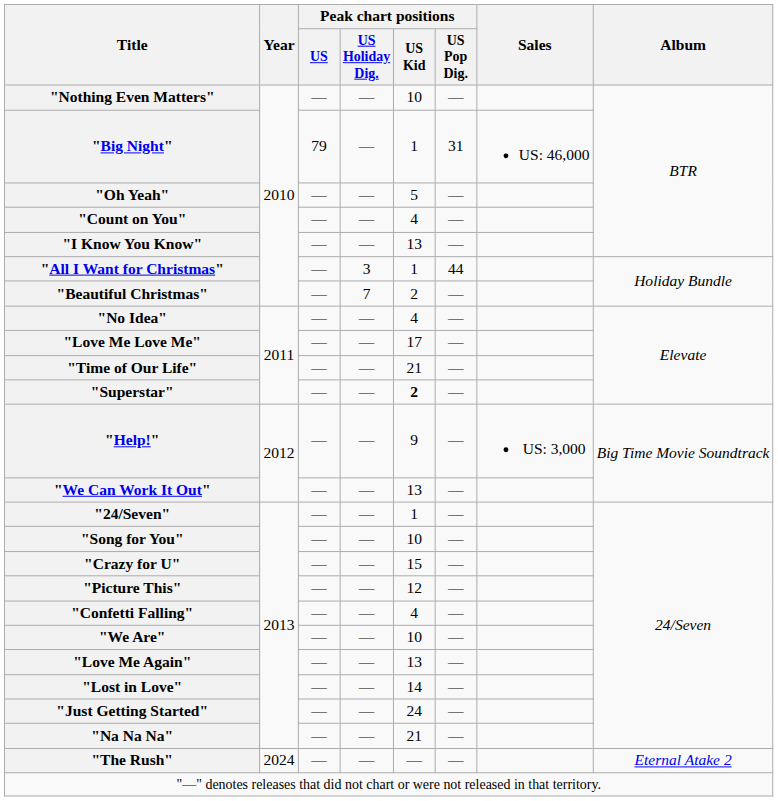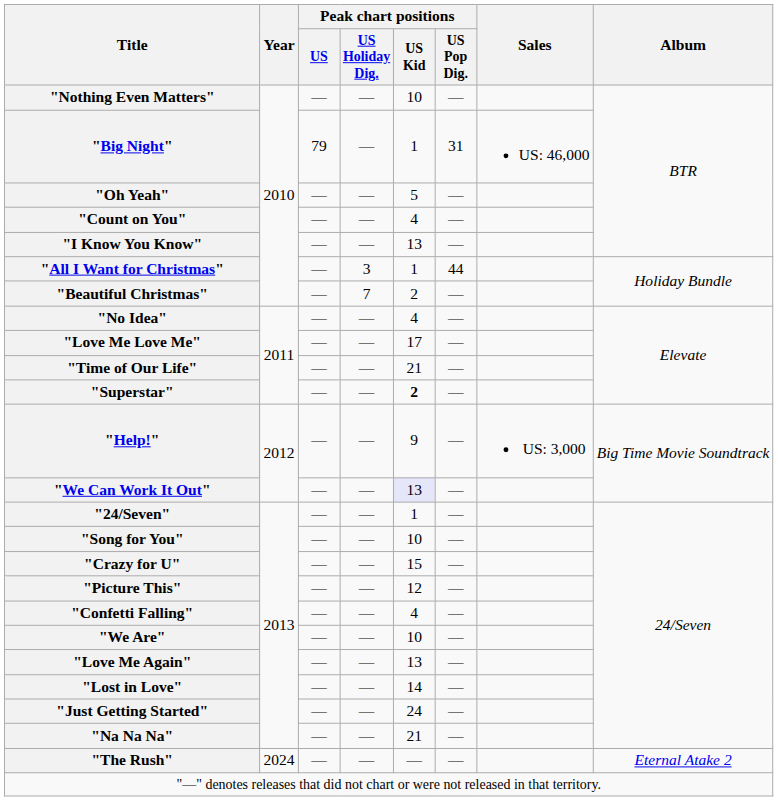 <table class="wikitable plainrowheaders" style="text-align:center;">
 <tr>
 <th scope="col" rowspan="2" style="width:16em;">Title</th>
 <th scope="col" rowspan="2">Year</th>
 <th scope="col" colspan="4">Peak chart positions</th>
 <th scope="col" rowspan="2">Sales</th>
 <th scope="col" rowspan="2">Album</th>
 </tr>
 <tr>
 <th scope="col" style="width:2.5em;font-size:90%;"><a href='#'>US</a><br></th>
 <th scope="col" style="width:2.5em;font-size:90%;"><a href='#'>US<br>Holiday Dig.</a><br></th>
 <th scope="col" style="width:2.5em;font-size:90%;">US<br>Kid<br></th>
 <th scope="col" style="width:2.5em;font-size:90%;">US<br>Pop Dig.<br></th>
 </tr>
 <tr>
 <th scope="row">"Nothing Even Matters"</th>
 <td rowspan="7">2010</td>
 <td>—</td>
 <td>—</td>
 <td>10</td>
 <td>—</td>
 <td></td>
 <td rowspan="5"><em>BTR</em></td>
 </tr>
 <tr>
 <th scope="row">"<a href='#'>Big Night</a>"</th>
 <td>79</td>
 <td>—</td>
 <td>1</td>
 <td>31</td>
 <td><br><ul><li>US: 46,000</li></ul></td>
 </tr>
 <tr>
 <th scope="row">"Oh Yeah"</th>
 <td>—</td>
 <td>—</td>
 <td>5</td>
 <td>—</td>
 <td></td>
 </tr>
 <tr>
 <th scope="row">"Count on You"<br></th>
 <td>—</td>
 <td>—</td>
 <td>4</td>
 <td>—</td>
 <td></td>
 </tr>
 <tr>
 <th scope="row">"I Know You Know"<br></th>
 <td>—</td>
 <td>—</td>
 <td>13</td>
 <td>—</td>
 <td></td>
 </tr>
 <tr>
 <th scope="row">"<a href='#'>All I Want for Christmas</a>"</th>
 <td>—</td>
 <td>3</td>
 <td>1</td>
 <td>44</td>
 <td></td>
 <td rowspan="2"><em>Holiday Bundle</em></td>
 </tr>
 <tr>
 <th scope="row">"Beautiful Christmas"</th>
 <td>—</td>
 <td>7</td>
 <td>2</td>
 <td>—</td>
 <td></td>
 </tr>
 <tr>
 <th scope="row">"No Idea"</th>
 <td rowspan="4">2011</td>
 <td>—</td>
 <td>—</td>
 <td>4</td>
 <td>—</td>
 <td></td>
 <td rowspan="4"><em>Elevate</em></td>
 </tr>
 <tr>
 <th scope="row">"Love Me Love Me"</th>
 <td>—</td>
 <td>—</td>
 <td>17</td>
 <td>—</td>
 <td></td>
 </tr>
 <tr>
 <th scope="row">"Time of Our Life"</th>
 <td>—</td>
 <td>—</td>
 <td>21</td>
 <td>—</td>
 <td></td>
 </tr>
 <tr>
 <th scope="row">"Superstar"</th>
 <td>—</td>
 <td>—</td>
 <td><strong>2</strong></td>
 <td>—</td>
 <td></td>
 </tr>
 <tr>
 <th scope="row">"<a href='#'>Help!</a>"</th>
 <td rowspan="2">2012</td>
 <td>—</td>
 <td>—</td>
 <td>9</td>
 <td>—</td>
 <td><br><ul><li>US: 3,000</li></ul></td>
 <td rowspan="2"><em>Big Time Movie Soundtrack</em></td>
 </tr>
 <tr>
 <th scope="row">"<a href='#'>We Can Work It Out</a>"</th>
 <td>—</td>
 <td>—</td>
-<td>13</td>
+<td style="background: lavender;">13</td>
 <td>—</td>
 <td></td>
 </tr>
 <tr>
 <th scope="row">"24/Seven"</th>
 <td rowspan="10">2013</td>
 <td>—</td>
 <td>—</td>
 <td>1</td>
 <td>—</td>
 <td></td>
 <td rowspan="10"><em>24/Seven</em></td>
 </tr>
 <tr>
 <th scope="row">"Song for You"<br></th>
 <td>—</td>
 <td>—</td>
 <td>10</td>
 <td>—</td>
 <td></td>
 </tr>
 <tr>
 <th scope="row">"Crazy for U"</th>
 <td>—</td>
 <td>—</td>
 <td>15</td>
 <td>—</td>
 <td></td>
 </tr>
 <tr>
 <th scope="row">"Picture This"</th>
 <td>—</td>
 <td>—</td>
 <td>12</td>
 <td>—</td>
 <td></td>
 </tr>
 <tr>
 <th scope="row">"Confetti Falling"</th>
 <td>—</td>
 <td>—</td>
 <td>4</td>
 <td>—</td>
 <td></td>
 </tr>
 <tr>
 <th scope="row">"We Are"</th>
 <td>—</td>
 <td>—</td>
 <td>10</td>
 <td>—</td>
 <td></td>
 </tr>
 <tr>
 <th scope="row">"Love Me Again"</th>
 <td>—</td>
 <td>—</td>
 <td>13</td>
 <td>—</td>
 <td></td>
 </tr>
 <tr>
 <th scope="row">"Lost in Love"<br></th>
 <td>—</td>
 <td>—</td>
 <td>14</td>
 <td>—</td>
 <td></td>
 </tr>
 <tr>
 <th scope="row">"Just Getting Started"</th>
 <td>—</td>
 <td>—</td>
 <td>24</td>
 <td>—</td>
 <td></td>
 </tr>
 <tr>
 <th scope="row">"Na Na Na"</th>
 <td>—</td>
 <td>—</td>
 <td>21</td>
 <td>—</td>
 <td></td>
 </tr>
 <tr>
 <th scope="row">"The Rush"<br></th>
 <td>2024</td>
 <td>—</td>
 <td>—</td>
 <td>—</td>
 <td>—</td>
 <td></td>
 <td><em><a href='#'>Eternal Atake 2</a></em></td>
 </tr>
 <tr>
 <td colspan="8" style="text-align:center; font-size:90%;">"—" denotes releases that did not chart or were not released in that territory.</td>
 </tr>
 </table>
